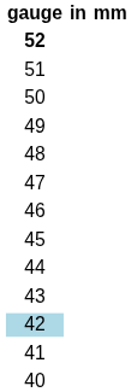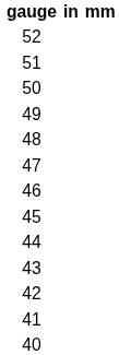 <table cellspacing="4" style="text-align:center">
 <tr>
 <th>gauge</th>
 <th>in</th>
 <th>mm</th>
 </tr>
 <tr>
-<td><strong>52</strong></td>
+<td>52</td>
 <td></td>
 </tr>
 <tr>
 <td>51</td>
 <td></td>
 </tr>
 <tr>
 <td>50</td>
 <td></td>
 </tr>
 <tr>
 <td>49</td>
 <td></td>
 </tr>
 <tr>
 <td>48</td>
 <td></td>
 </tr>
 <tr>
 <td>47</td>
 <td></td>
 </tr>
 <tr>
 <td>46</td>
 <td></td>
 </tr>
 <tr>
 <td>45</td>
 <td></td>
 </tr>
 <tr>
 <td>44</td>
 <td></td>
 </tr>
 <tr>
 <td>43</td>
 <td></td>
 </tr>
 <tr>
-<td style="background: lightblue;">42</td>
+<td>42</td>
 <td></td>
 </tr>
 <tr>
 <td>41</td>
 <td></td>
 </tr>
 <tr>
 <td>40</td>
 <td></td>
 </tr>
 </table>
